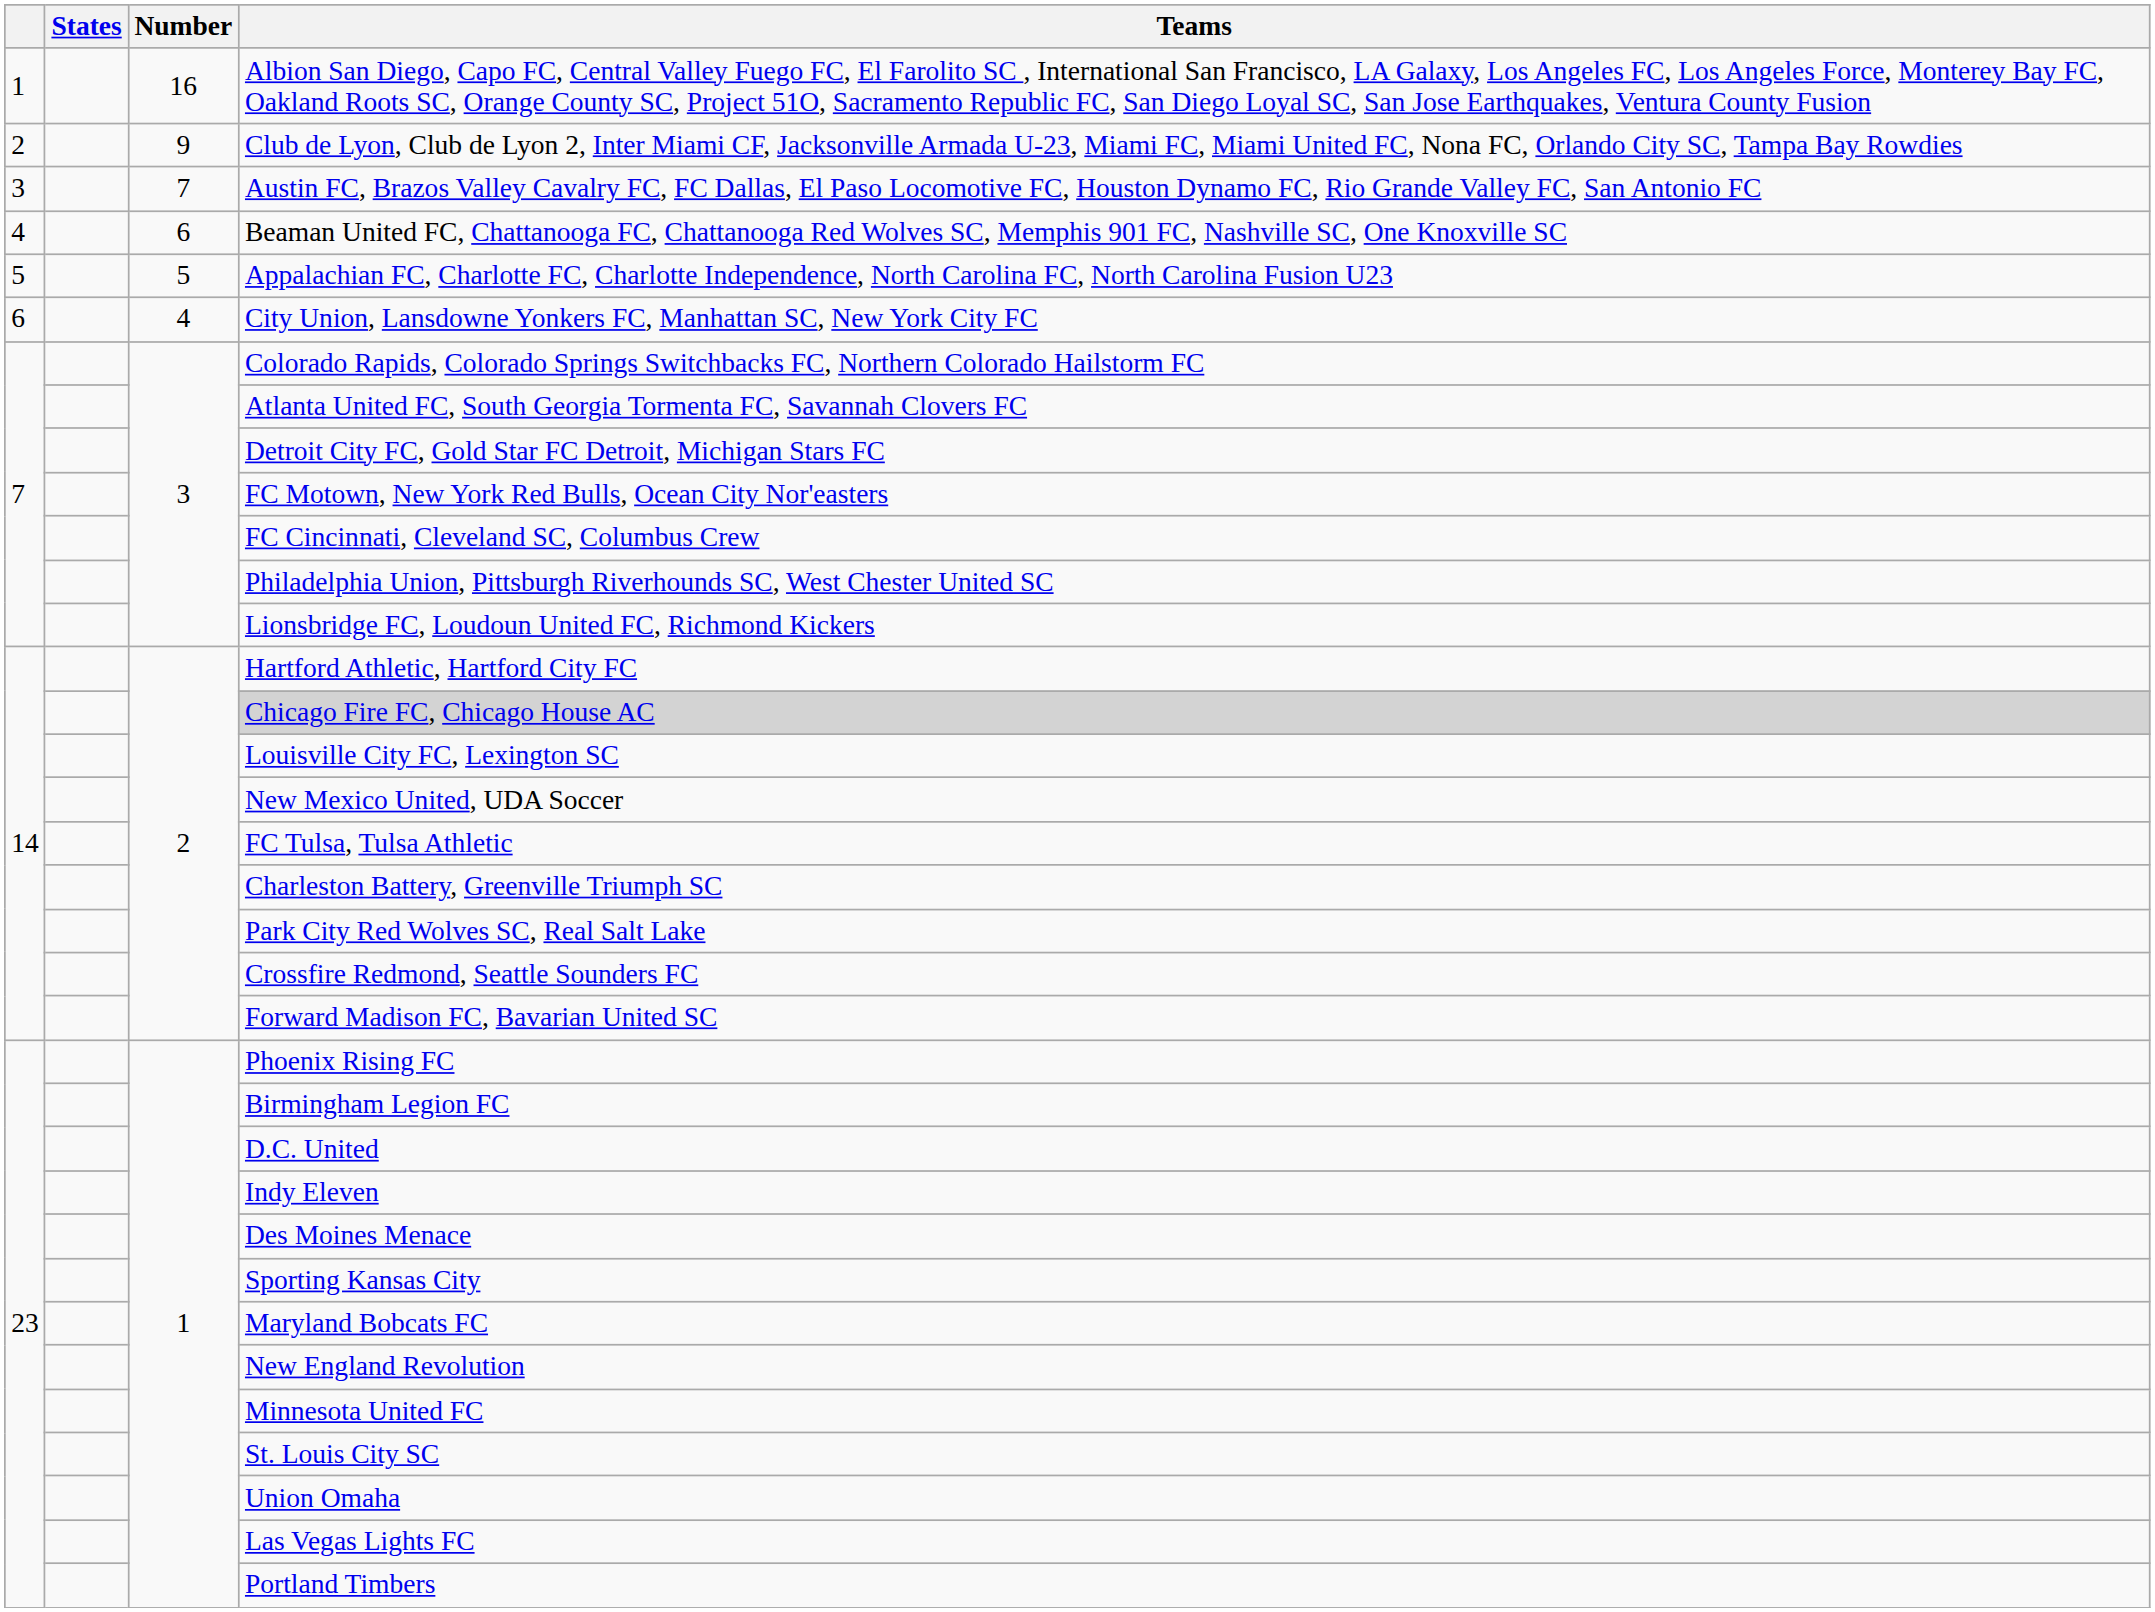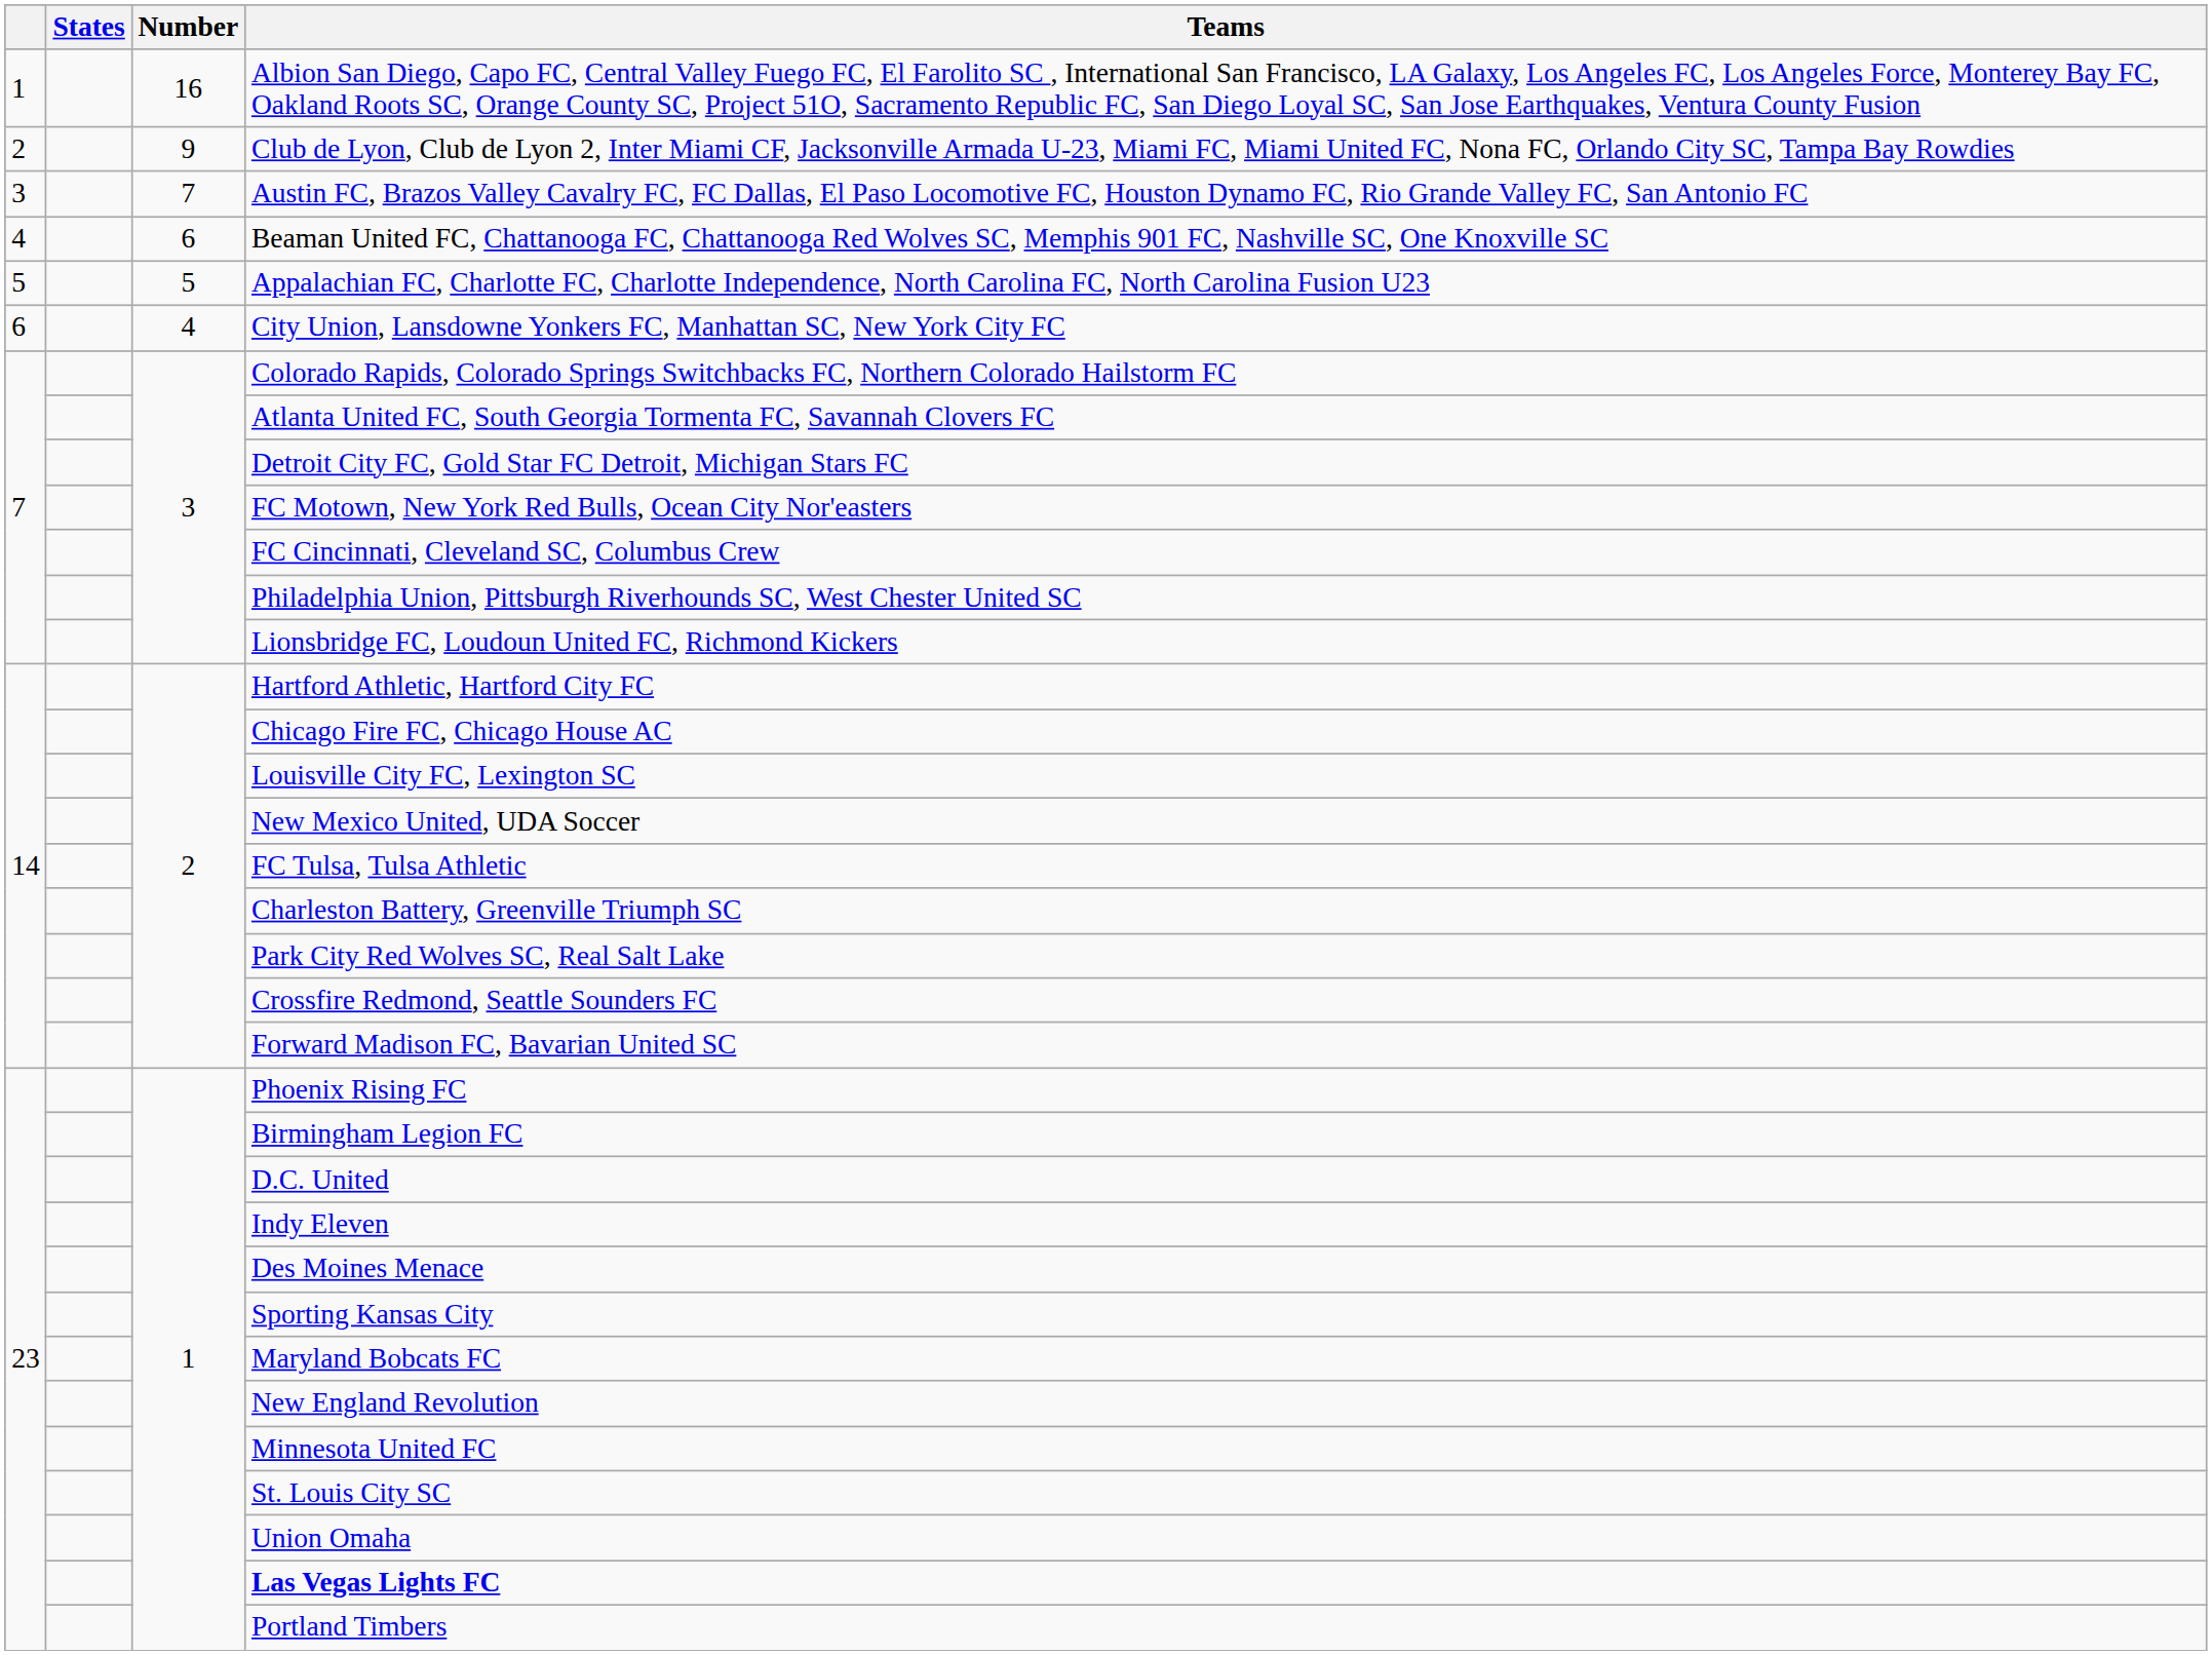 <table class="wikitable">
 <tr>
 <th></th>
 <th><a href='#'>States</a></th>
 <th>Number</th>
 <th>Teams</th>
 </tr>
 <tr>
 <td>1</td>
 <td></td>
 <td style="text-align:center">16</td>
 <td><a href='#'>Albion San Diego</a>, <a href='#'>Capo FC</a>, <a href='#'>Central Valley Fuego FC</a>, <a href='#'>El Farolito SC </a>, International San Francisco, <a href='#'>LA Galaxy</a>, <a href='#'>Los Angeles FC</a>, <a href='#'>Los Angeles Force</a>, <a href='#'>Monterey Bay FC</a>, <a href='#'>Oakland Roots SC</a>, <a href='#'>Orange County SC</a>, <a href='#'>Project 51O</a>, <a href='#'>Sacramento Republic FC</a>, <a href='#'>San Diego Loyal SC</a>, <a href='#'>San Jose Earthquakes</a>, <a href='#'>Ventura County Fusion</a></td>
 </tr>
 <tr>
 <td>2</td>
 <td></td>
 <td style="text-align:center">9</td>
 <td><a href='#'>Club de Lyon</a>, Club de Lyon 2, <a href='#'>Inter Miami CF</a>, <a href='#'>Jacksonville Armada U-23</a>, <a href='#'>Miami FC</a>, <a href='#'>Miami United FC</a>, Nona FC, <a href='#'>Orlando City SC</a>, <a href='#'>Tampa Bay Rowdies</a></td>
 </tr>
 <tr>
 <td>3</td>
 <td></td>
 <td style="text-align:center">7</td>
 <td><a href='#'>Austin FC</a>, <a href='#'>Brazos Valley Cavalry FC</a>, <a href='#'>FC Dallas</a>, <a href='#'>El Paso Locomotive FC</a>, <a href='#'>Houston Dynamo FC</a>, <a href='#'>Rio Grande Valley FC</a>, <a href='#'>San Antonio FC</a></td>
 </tr>
 <tr>
 <td>4</td>
 <td></td>
 <td style="text-align:center">6</td>
 <td>Beaman United FC, <a href='#'>Chattanooga FC</a>, <a href='#'>Chattanooga Red Wolves SC</a>, <a href='#'>Memphis 901 FC</a>, <a href='#'>Nashville SC</a>, <a href='#'>One Knoxville SC</a></td>
 </tr>
 <tr>
 <td>5</td>
 <td></td>
 <td style="text-align:center">5</td>
 <td><a href='#'>Appalachian FC</a>, <a href='#'>Charlotte FC</a>, <a href='#'>Charlotte Independence</a>, <a href='#'>North Carolina FC</a>, <a href='#'>North Carolina Fusion U23</a></td>
 </tr>
 <tr>
 <td>6</td>
 <td></td>
 <td style="text-align:center">4</td>
 <td><a href='#'>City Union</a>, <a href='#'>Lansdowne Yonkers FC</a>, <a href='#'>Manhattan SC</a>, <a href='#'>New York City FC</a></td>
 </tr>
 <tr>
 <td rowspan="7">7</td>
 <td></td>
 <td rowspan="7" style="text-align:center">3</td>
 <td><a href='#'>Colorado Rapids</a>, <a href='#'>Colorado Springs Switchbacks FC</a>, <a href='#'>Northern Colorado Hailstorm FC</a></td>
 </tr>
 <tr>
 <td></td>
 <td><a href='#'>Atlanta United FC</a>, <a href='#'>South Georgia Tormenta FC</a>, <a href='#'>Savannah Clovers FC</a></td>
 </tr>
 <tr>
 <td></td>
 <td><a href='#'>Detroit City FC</a>, <a href='#'>Gold Star FC Detroit</a>, <a href='#'>Michigan Stars FC</a></td>
 </tr>
 <tr>
 <td></td>
 <td><a href='#'>FC Motown</a>, <a href='#'>New York Red Bulls</a>, <a href='#'>Ocean City Nor'easters</a></td>
 </tr>
 <tr>
 <td></td>
 <td><a href='#'>FC Cincinnati</a>, <a href='#'>Cleveland SC</a>, <a href='#'>Columbus Crew</a></td>
 </tr>
 <tr>
 <td></td>
 <td><a href='#'>Philadelphia Union</a>, <a href='#'>Pittsburgh Riverhounds SC</a>, <a href='#'>West Chester United SC</a></td>
 </tr>
 <tr>
 <td></td>
 <td><a href='#'>Lionsbridge FC</a>, <a href='#'>Loudoun United FC</a>, <a href='#'>Richmond Kickers</a></td>
 </tr>
 <tr>
 <td rowspan="9">14</td>
 <td></td>
 <td rowspan="9" style="text-align:center">2</td>
 <td><a href='#'>Hartford Athletic</a>, <a href='#'>Hartford City FC</a></td>
 </tr>
 <tr>
 <td></td>
-<td style="background: lightgrey;"><a href='#'>Chicago Fire FC</a>, <a href='#'>Chicago House AC</a></td>
+<td><a href='#'>Chicago Fire FC</a>, <a href='#'>Chicago House AC</a></td>
 </tr>
 <tr>
 <td></td>
 <td><a href='#'>Louisville City FC</a>, <a href='#'>Lexington SC</a></td>
 </tr>
 <tr>
 <td></td>
 <td><a href='#'>New Mexico United</a>, UDA Soccer</td>
 </tr>
 <tr>
 <td></td>
 <td><a href='#'>FC Tulsa</a>, <a href='#'>Tulsa Athletic</a></td>
 </tr>
 <tr>
 <td></td>
 <td><a href='#'>Charleston Battery</a>, <a href='#'>Greenville Triumph SC</a></td>
 </tr>
 <tr>
 <td></td>
 <td><a href='#'>Park City Red Wolves SC</a>, <a href='#'>Real Salt Lake</a></td>
 </tr>
 <tr>
 <td></td>
 <td><a href='#'>Crossfire Redmond</a>, <a href='#'>Seattle Sounders FC</a></td>
 </tr>
 <tr>
 <td></td>
 <td><a href='#'>Forward Madison FC</a>, <a href='#'>Bavarian United SC</a></td>
 </tr>
 <tr>
 <td rowspan="13">23</td>
 <td></td>
 <td rowspan="13" style="text-align:center">1</td>
 <td><a href='#'>Phoenix Rising FC</a></td>
 </tr>
 <tr>
 <td></td>
 <td><a href='#'>Birmingham Legion FC</a></td>
 </tr>
 <tr>
 <td></td>
 <td><a href='#'>D.C. United</a></td>
 </tr>
 <tr>
 <td></td>
 <td><a href='#'>Indy Eleven</a></td>
 </tr>
 <tr>
 <td></td>
 <td><a href='#'>Des Moines Menace</a></td>
 </tr>
 <tr>
 <td></td>
 <td><a href='#'>Sporting Kansas City</a></td>
 </tr>
 <tr>
 <td></td>
 <td><a href='#'>Maryland Bobcats FC</a></td>
 </tr>
 <tr>
 <td></td>
 <td><a href='#'>New England Revolution</a></td>
 </tr>
 <tr>
 <td></td>
 <td><a href='#'>Minnesota United FC</a></td>
 </tr>
 <tr>
 <td></td>
 <td><a href='#'>St. Louis City SC</a></td>
 </tr>
 <tr>
 <td></td>
 <td><a href='#'>Union Omaha</a></td>
 </tr>
 <tr>
 <td></td>
-<td><a href='#'>Las Vegas Lights FC</a></td>
+<td><strong><a href='#'>Las Vegas Lights FC</a></strong></td>
 </tr>
 <tr>
 <td></td>
 <td><a href='#'>Portland Timbers</a></td>
 </tr>
 </table>
